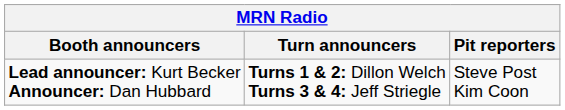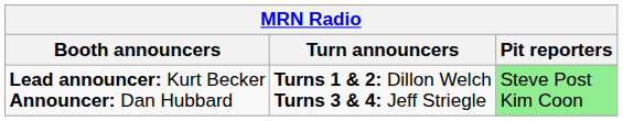 <table class="wikitable">
 <tr>
 <th colspan="3"><a href='#'>MRN Radio</a></th>
 </tr>
 <tr>
 <th>Booth announcers</th>
 <th>Turn announcers</th>
 <th>Pit reporters</th>
 </tr>
 <tr>
 <td><strong>Lead announcer:</strong> Kurt Becker<br><strong>Announcer:</strong> Dan Hubbard</td>
 <td><strong>Turns 1 & 2:</strong> Dillon Welch<br><strong>Turns 3 & 4:</strong> Jeff Striegle</td>
-<td>Steve Post<br>Kim Coon</td>
+<td style="background: lightgreen;">Steve Post<br>Kim Coon</td>
 </tr>
 </table>
